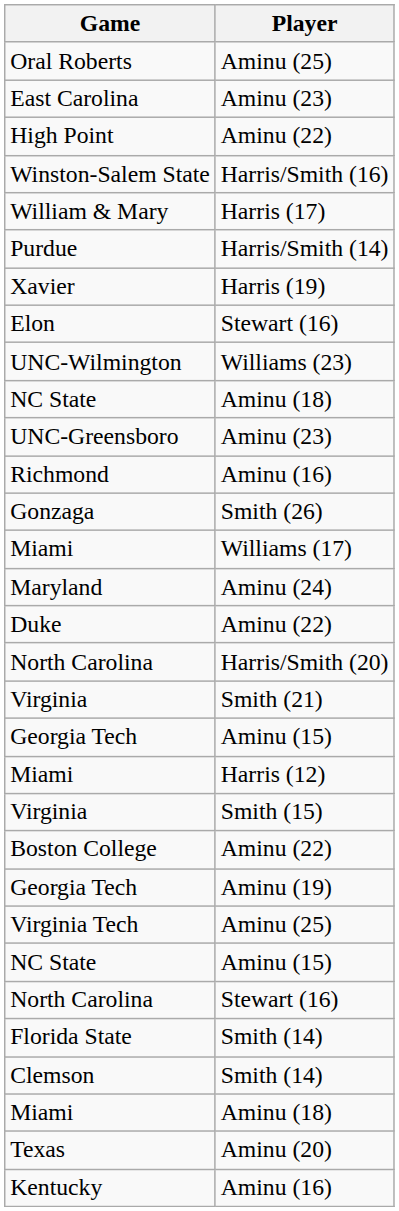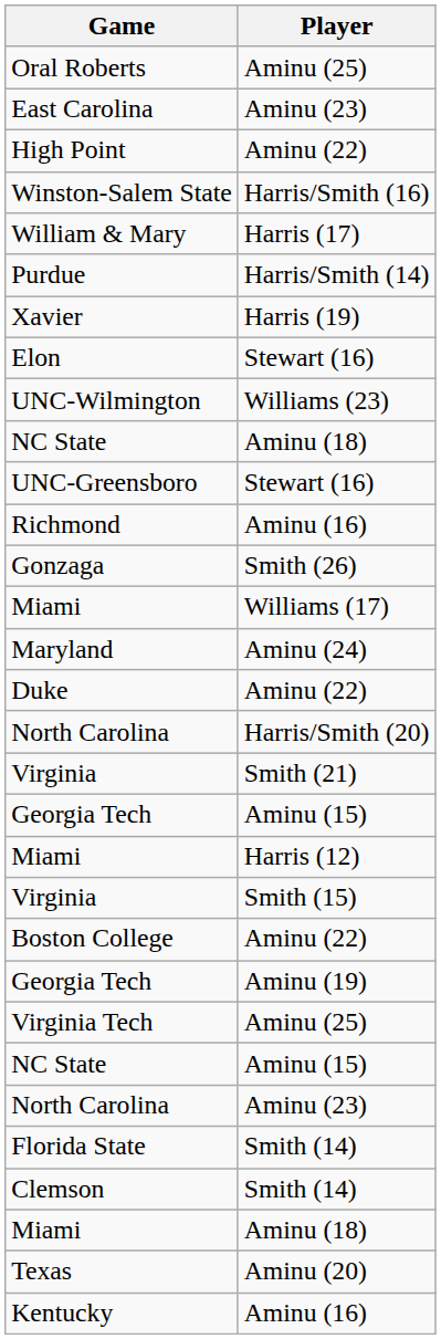 <table class="wikitable">
 <tr>
 <th>Game</th>
 <th>Player</th>
 </tr>
 <tr>
 <td>Oral Roberts</td>
 <td>Aminu (25)</td>
 </tr>
 <tr>
 <td>East Carolina</td>
 <td>Aminu (23)</td>
 </tr>
 <tr>
 <td>High Point</td>
 <td>Aminu (22)</td>
 </tr>
 <tr>
 <td>Winston-Salem State</td>
 <td>Harris/Smith (16)</td>
 </tr>
 <tr>
 <td>William & Mary</td>
 <td>Harris (17)</td>
 </tr>
 <tr>
 <td>Purdue</td>
 <td>Harris/Smith (14)</td>
 </tr>
 <tr>
 <td>Xavier</td>
 <td>Harris (19)</td>
 </tr>
 <tr>
 <td>Elon</td>
 <td>Stewart (16)</td>
 </tr>
 <tr>
 <td>UNC-Wilmington</td>
 <td>Williams (23)</td>
 </tr>
 <tr>
 <td>NC State</td>
 <td>Aminu (18)</td>
 </tr>
 <tr>
 <td>UNC-Greensboro</td>
-<td>Aminu (23)</td>
+<td>Stewart (16)</td>
 </tr>
 <tr>
 <td>Richmond</td>
 <td>Aminu (16)</td>
 </tr>
 <tr>
 <td>Gonzaga</td>
 <td>Smith (26)</td>
 </tr>
 <tr>
 <td>Miami</td>
 <td>Williams (17)</td>
 </tr>
 <tr>
 <td>Maryland</td>
 <td>Aminu (24)</td>
 </tr>
 <tr>
 <td>Duke</td>
 <td>Aminu (22)</td>
 </tr>
 <tr>
 <td>North Carolina</td>
 <td>Harris/Smith (20)</td>
 </tr>
 <tr>
 <td>Virginia</td>
 <td>Smith (21)</td>
 </tr>
 <tr>
 <td>Georgia Tech</td>
 <td>Aminu (15)</td>
 </tr>
 <tr>
 <td>Miami</td>
 <td>Harris (12)</td>
 </tr>
 <tr>
 <td>Virginia</td>
 <td>Smith (15)</td>
 </tr>
 <tr>
 <td>Boston College</td>
 <td>Aminu (22)</td>
 </tr>
 <tr>
 <td>Georgia Tech</td>
 <td>Aminu (19)</td>
 </tr>
 <tr>
 <td>Virginia Tech</td>
 <td>Aminu (25)</td>
 </tr>
 <tr>
 <td>NC State</td>
 <td>Aminu (15)</td>
 </tr>
 <tr>
 <td>North Carolina</td>
-<td>Stewart (16)</td>
+<td>Aminu (23)</td>
 </tr>
 <tr>
 <td>Florida State</td>
 <td>Smith (14)</td>
 </tr>
 <tr>
 <td>Clemson</td>
 <td>Smith (14)</td>
 </tr>
 <tr>
 <td>Miami</td>
 <td>Aminu (18)</td>
 </tr>
 <tr>
 <td>Texas</td>
 <td>Aminu (20)</td>
 </tr>
 <tr>
 <td>Kentucky</td>
 <td>Aminu (16)</td>
 </tr>
 </table>
